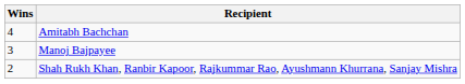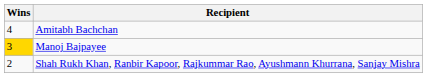 <table class="wikitable">
 <tr>
 <th>Wins</th>
 <th>Recipient</th>
 </tr>
 <tr>
 <td>4</td>
 <td><a href='#'>Amitabh Bachchan</a></td>
 </tr>
 <tr>
-<td>3</td>
+<td style="background: gold;">3</td>
 <td><a href='#'>Manoj Bajpayee</a></td>
 </tr>
 <tr>
 <td>2</td>
 <td><a href='#'>Shah Rukh Khan</a>, <a href='#'>Ranbir Kapoor</a>, <a href='#'>Rajkummar Rao</a>, <a href='#'>Ayushmann Khurrana</a>, <a href='#'>Sanjay Mishra</a></td>
 </tr>
 </table>
